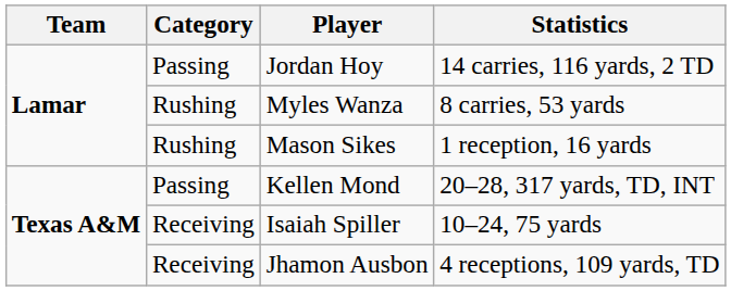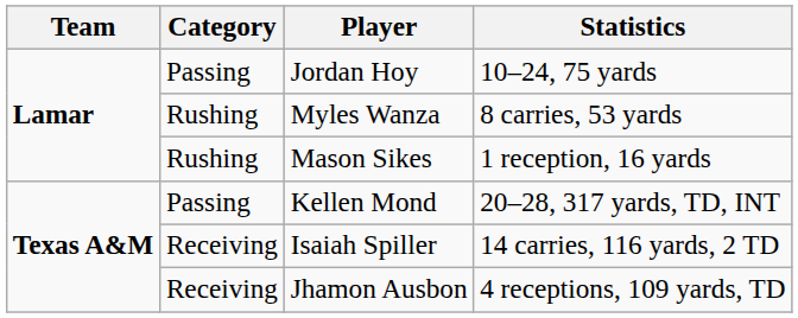 <table class="wikitable" style="float: right;">
 <tr>
 <th>Team</th>
 <th>Category</th>
 <th>Player</th>
 <th>Statistics</th>
 </tr>
 <tr>
 <td rowspan=3><strong>Lamar</strong></td>
 <td>Passing</td>
 <td>Jordan Hoy</td>
-<td>14 carries, 116 yards, 2 TD</td>
+<td>10–24, 75 yards</td>
 </tr>
 <tr>
 <td>Rushing</td>
 <td>Myles Wanza</td>
 <td>8 carries, 53 yards</td>
 </tr>
 <tr>
 <td>Rushing</td>
 <td>Mason Sikes</td>
 <td>1 reception, 16 yards</td>
 </tr>
 <tr>
 <td rowspan=3><strong>Texas A&M</strong></td>
 <td>Passing</td>
 <td>Kellen Mond</td>
 <td>20–28, 317 yards, TD, INT</td>
 </tr>
 <tr>
 <td>Receiving</td>
 <td>Isaiah Spiller</td>
-<td>10–24, 75 yards</td>
+<td>14 carries, 116 yards, 2 TD</td>
 </tr>
 <tr>
 <td>Receiving</td>
 <td>Jhamon Ausbon</td>
 <td>4 receptions, 109 yards, TD</td>
 </tr>
 </table>
